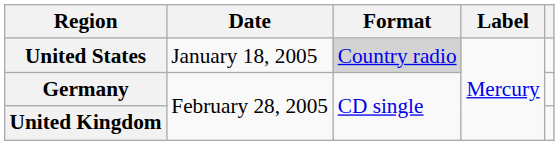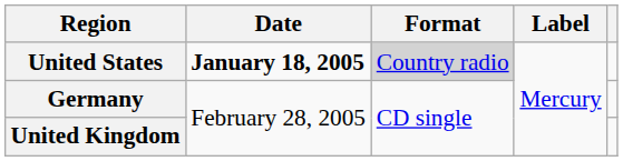 <table class="wikitable plainrowheaders">
 <tr>
 <th scope="col">Region</th>
 <th scope="col">Date</th>
 <th scope="col">Format</th>
 <th scope="col">Label</th>
 <th scope="col"></th>
 </tr>
 <tr>
 <th scope="row">United States</th>
-<td>January 18, 2005</td>
+<td><strong>January 18, 2005</strong></td>
 <td style="background: lightgrey;"><a href='#'>Country radio</a></td>
 <td rowspan="3"><a href='#'>Mercury</a></td>
 <td></td>
 </tr>
 <tr>
 <th scope="row">Germany</th>
 <td rowspan="2">February 28, 2005</td>
 <td rowspan="2"><a href='#'>CD single</a></td>
 <td></td>
 </tr>
 <tr>
 <th scope="row">United Kingdom</th>
 <td></td>
 </tr>
 </table>
